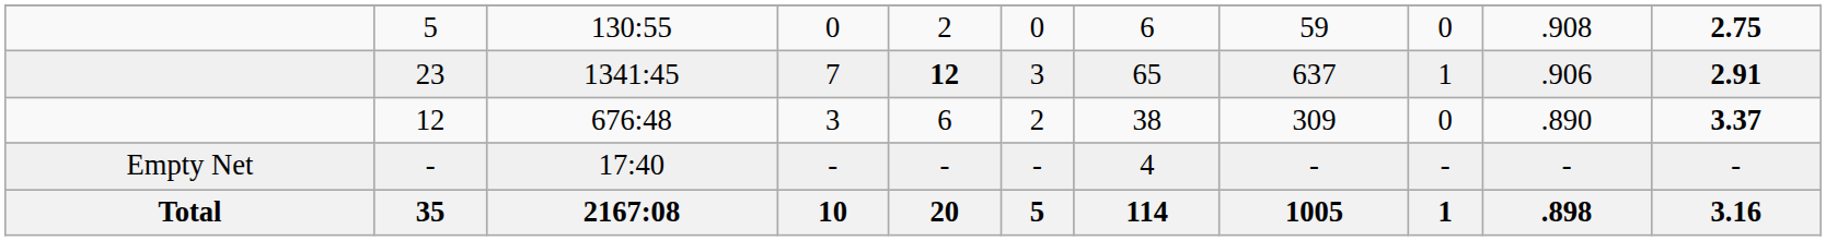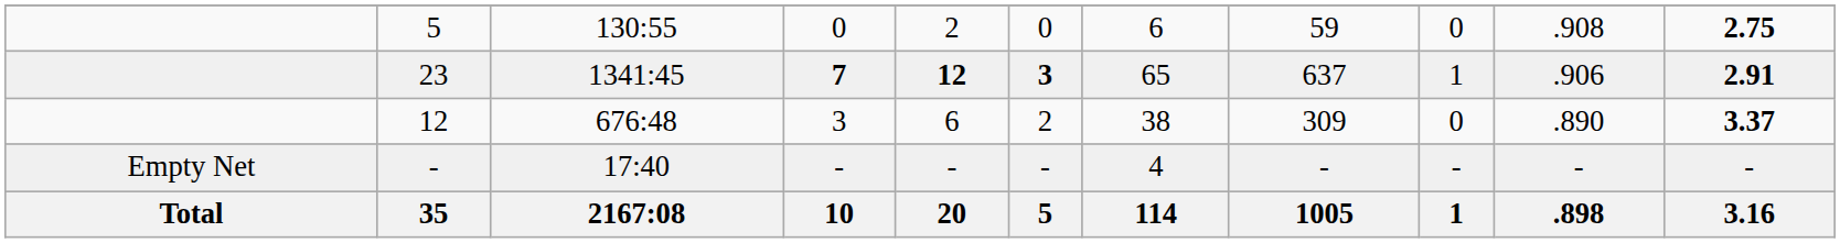 <table class="wikitable sortable" width ="1000">
 <tr align="center">
 </tr>
 <tr align="center">
 <td></td>
 <td>5</td>
 <td>130:55</td>
 <td>0</td>
 <td>2</td>
 <td>0</td>
 <td>6</td>
 <td>59</td>
 <td>0</td>
 <td>.908</td>
 <td><strong>2.75</strong></td>
 </tr>
 <tr align="center" bgcolor="f0f0f0">
 <td></td>
 <td>23</td>
 <td>1341:45</td>
-<td>7</td>
+<td><strong>7</strong></td>
 <td><strong>12</strong></td>
-<td>3</td>
+<td><strong>3</strong></td>
 <td>65</td>
 <td>637</td>
 <td>1</td>
 <td>.906</td>
 <td><strong>2.91</strong></td>
 </tr>
 <tr align="center" bgcolor="">
 <td></td>
 <td>12</td>
 <td>676:48</td>
 <td>3</td>
 <td>6</td>
 <td>2</td>
 <td>38</td>
 <td>309</td>
 <td>0</td>
 <td>.890</td>
 <td><strong>3.37</strong></td>
 </tr>
 <tr align="center" bgcolor="f0f0f0">
 <td>Empty Net</td>
 <td>-</td>
 <td>17:40</td>
 <td>-</td>
 <td>-</td>
 <td>-</td>
 <td>4</td>
 <td>-</td>
 <td>-</td>
 <td>-</td>
 <td>-</td>
 </tr>
 <tr>
 <th>Total</th>
 <th>35</th>
 <th>2167:08</th>
 <th>10</th>
 <th>20</th>
 <th>5</th>
 <th>114</th>
 <th>1005</th>
 <th>1</th>
 <th>.898</th>
 <th>3.16</th>
 </tr>
 </table>
